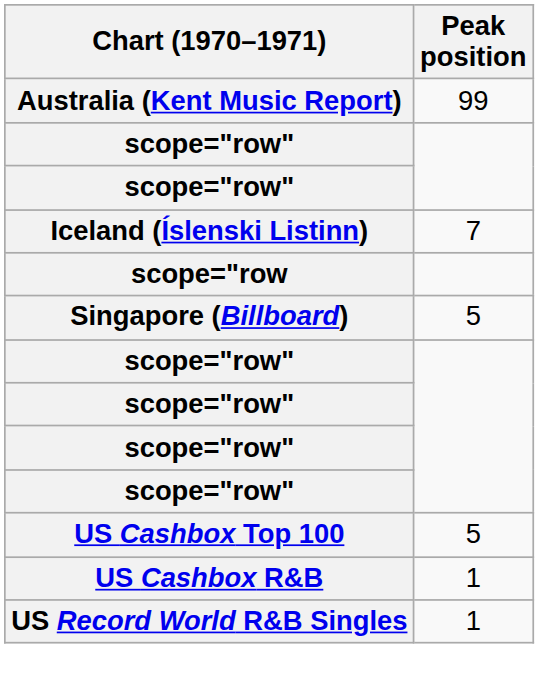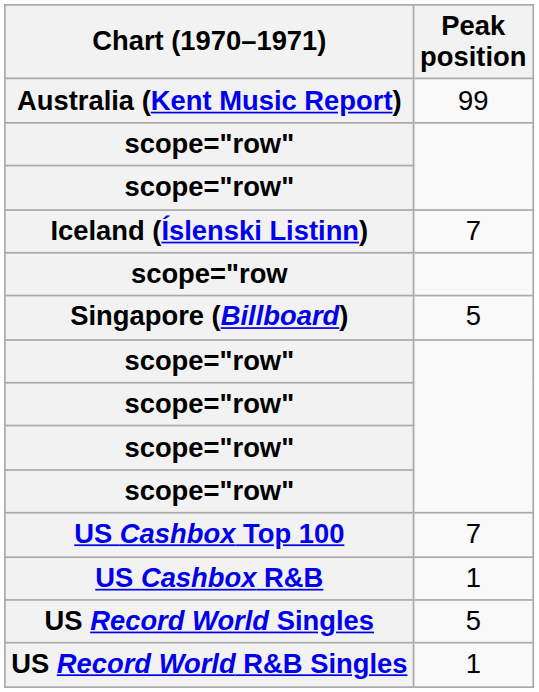 <table class="wikitable sortable plainrowheaders">
 <tr>
 <th scope="col">Chart (1970–1971)</th>
 <th scope="col">Peak<br>position</th>
 </tr>
 <tr>
 <th scope="row">Australia (<a href='#'>Kent Music Report</a>)</th>
 <td align="center">99</td>
 </tr>
 <tr>
 <th>scope="row" </th>
 </tr>
 <tr>
 <th>scope="row" </th>
 </tr>
 <tr>
 <th scope="row">Iceland (<a href='#'>Íslenski Listinn</a>)</th>
 <td style="text-align:center;">7</td>
 </tr>
 <tr>
 <th>scope="row </th>
 </tr>
 <tr>
 <th scope="row">Singapore (<a href='#'><em>Billboard</em></a>)</th>
 <td style="text-align:center;">5</td>
 </tr>
 <tr>
 <th>scope="row" </th>
 </tr>
 <tr>
 <th>scope="row" </th>
 </tr>
 <tr>
 <th>scope="row" </th>
 </tr>
 <tr>
 <th>scope="row" </th>
 </tr>
 <tr>
 <th scope="row"><a href='#'>US <em>Cashbox</em> Top 100</a></th>
-<td style="text-align:center;">5</td>
+<td style="text-align:center;">7</td>
 </tr>
 <tr>
 <th scope="row"><a href='#'>US <em>Cashbox</em> R&B</a></th>
 <td style="text-align:center;">1</td>
 </tr>
 <tr>
+<th scope="row">US <a href='#'><em>Record World</em> Singles</a></th>
+<td style="text-align:center;">5</td>
+</tr>
+<tr>
 <th scope="row">US <a href='#'><em>Record World</em> R&B Singles</a></th>
 <td style="text-align:center;">1</td>
 </tr>
 </table>
